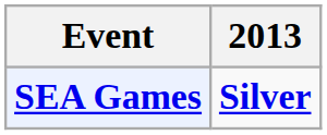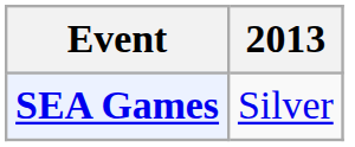 <table class="wikitable" style="font-size: 90%; text-align:center">
 <tr>
 <th>Event</th>
 <th>2013</th>
 </tr>
 <tr>
 <td bgcolor="#ECF2FF"; align="left"><strong><a href='#'>SEA Games</a></strong></td>
-<td><strong> <a href='#'>Silver</a></strong></td>
+<td> <a href='#'>Silver</a></td>
 </tr>
 </table>
